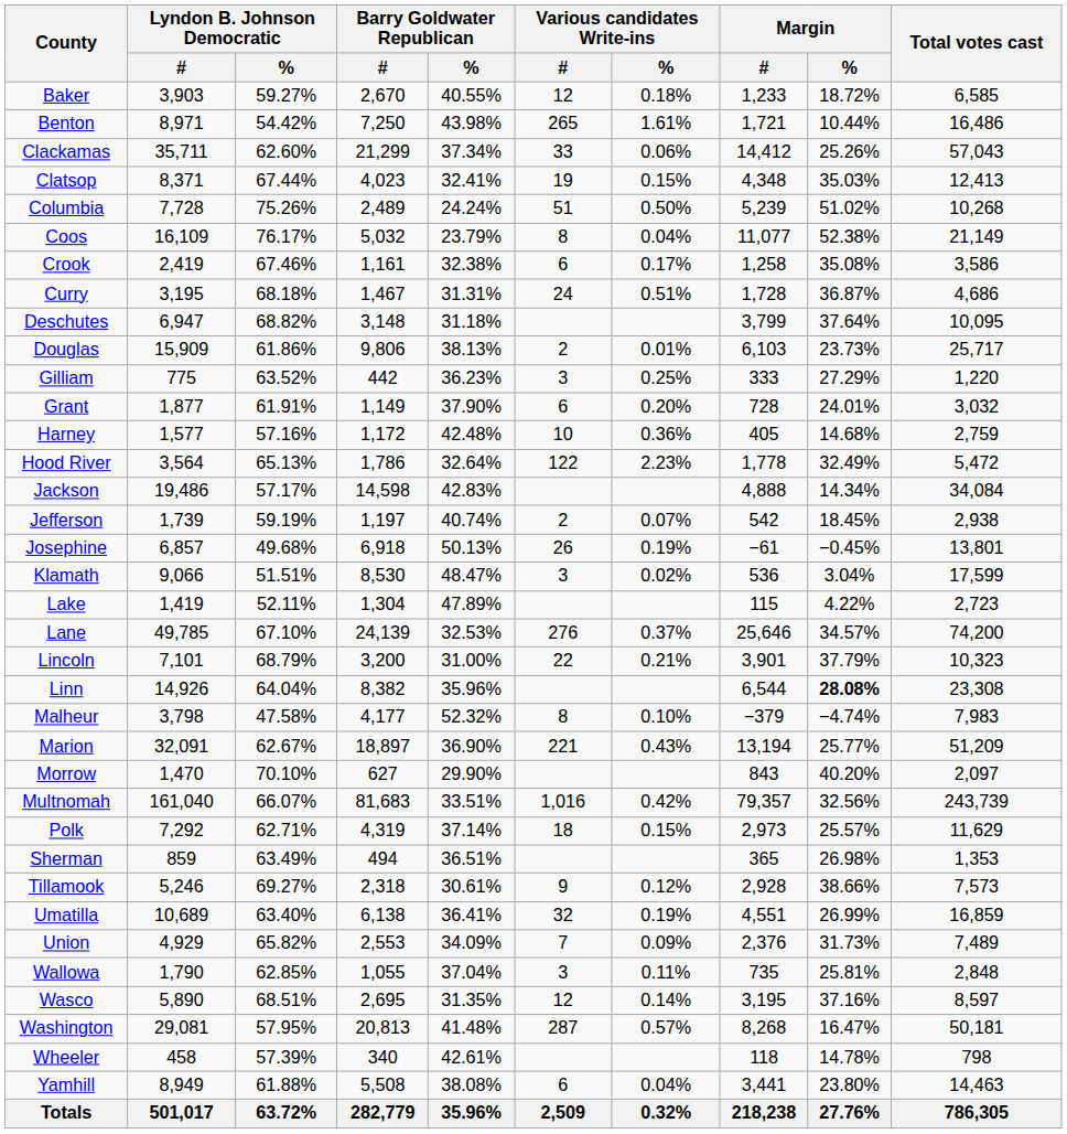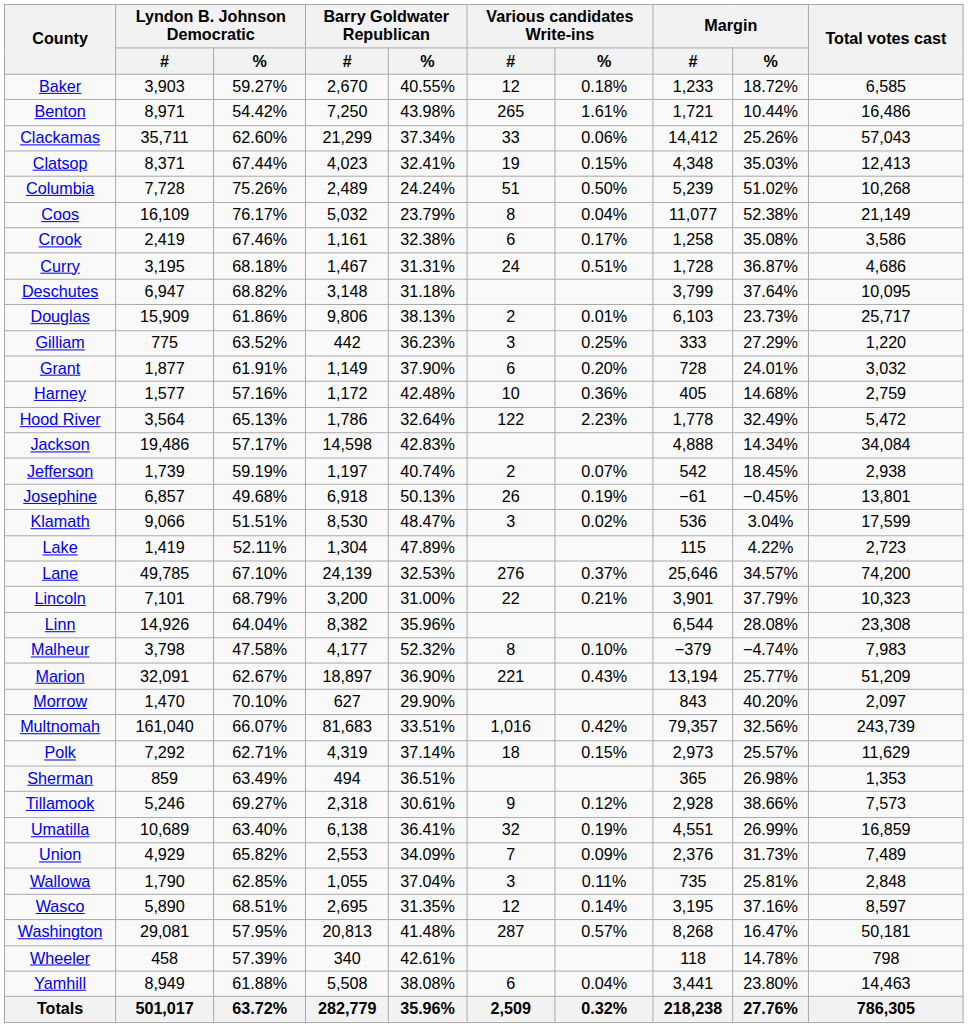 <table width="60%" class="wikitable sortable" style="text-align:center">
 <tr>
 <th style="text-align:center;" rowspan="2">County</th>
 <th style="text-align:center;" colspan="2">Lyndon B. Johnson<br>Democratic</th>
 <th style="text-align:center;" colspan="2">Barry Goldwater<br>Republican</th>
 <th style="text-align:center;" colspan="2">Various candidates<br>Write-ins</th>
 <th style="text-align:center;" colspan="2">Margin</th>
 <th style="text-align:center;" rowspan="2">Total votes cast</th>
 </tr>
 <tr>
 <th style="text-align:center;" data-sort-type="number">#</th>
 <th style="text-align:center;" data-sort-type="number">%</th>
 <th style="text-align:center;" data-sort-type="number">#</th>
 <th style="text-align:center;" data-sort-type="number">%</th>
 <th style="text-align:center;" data-sort-type="number">#</th>
 <th style="text-align:center;" data-sort-type="number">%</th>
 <th style="text-align:center;" data-sort-type="number">#</th>
 <th style="text-align:center;" data-sort-type="number">%</th>
 </tr>
 <tr style="text-align:center;">
 <td><a href='#'>Baker</a></td>
 <td>3,903</td>
 <td>59.27%</td>
 <td>2,670</td>
 <td>40.55%</td>
 <td>12</td>
 <td>0.18%</td>
 <td>1,233</td>
 <td>18.72%</td>
 <td>6,585</td>
 </tr>
 <tr style="text-align:center;">
 <td><a href='#'>Benton</a></td>
 <td>8,971</td>
 <td>54.42%</td>
 <td>7,250</td>
 <td>43.98%</td>
 <td>265</td>
 <td>1.61%</td>
 <td>1,721</td>
 <td>10.44%</td>
 <td>16,486</td>
 </tr>
 <tr style="text-align:center;">
 <td><a href='#'>Clackamas</a></td>
 <td>35,711</td>
 <td>62.60%</td>
 <td>21,299</td>
 <td>37.34%</td>
 <td>33</td>
 <td>0.06%</td>
 <td>14,412</td>
 <td>25.26%</td>
 <td>57,043</td>
 </tr>
 <tr style="text-align:center;">
 <td><a href='#'>Clatsop</a></td>
 <td>8,371</td>
 <td>67.44%</td>
 <td>4,023</td>
 <td>32.41%</td>
 <td>19</td>
 <td>0.15%</td>
 <td>4,348</td>
 <td>35.03%</td>
 <td>12,413</td>
 </tr>
 <tr style="text-align:center;">
 <td><a href='#'>Columbia</a></td>
 <td>7,728</td>
 <td>75.26%</td>
 <td>2,489</td>
 <td>24.24%</td>
 <td>51</td>
 <td>0.50%</td>
 <td>5,239</td>
 <td>51.02%</td>
 <td>10,268</td>
 </tr>
 <tr style="text-align:center;">
 <td><a href='#'>Coos</a></td>
 <td>16,109</td>
 <td>76.17%</td>
 <td>5,032</td>
 <td>23.79%</td>
 <td>8</td>
 <td>0.04%</td>
 <td>11,077</td>
 <td>52.38%</td>
 <td>21,149</td>
 </tr>
 <tr style="text-align:center;">
 <td><a href='#'>Crook</a></td>
 <td>2,419</td>
 <td>67.46%</td>
 <td>1,161</td>
 <td>32.38%</td>
 <td>6</td>
 <td>0.17%</td>
 <td>1,258</td>
 <td>35.08%</td>
 <td>3,586</td>
 </tr>
 <tr style="text-align:center;">
 <td><a href='#'>Curry</a></td>
 <td>3,195</td>
 <td>68.18%</td>
 <td>1,467</td>
 <td>31.31%</td>
 <td>24</td>
 <td>0.51%</td>
 <td>1,728</td>
 <td>36.87%</td>
 <td>4,686</td>
 </tr>
 <tr style="text-align:center;">
 <td><a href='#'>Deschutes</a></td>
 <td>6,947</td>
 <td>68.82%</td>
 <td>3,148</td>
 <td>31.18%</td>
 <td></td>
 <td></td>
 <td>3,799</td>
 <td>37.64%</td>
 <td>10,095</td>
 </tr>
 <tr style="text-align:center;">
 <td><a href='#'>Douglas</a></td>
 <td>15,909</td>
 <td>61.86%</td>
 <td>9,806</td>
 <td>38.13%</td>
 <td>2</td>
 <td>0.01%</td>
 <td>6,103</td>
 <td>23.73%</td>
 <td>25,717</td>
 </tr>
 <tr style="text-align:center;">
 <td><a href='#'>Gilliam</a></td>
 <td>775</td>
 <td>63.52%</td>
 <td>442</td>
 <td>36.23%</td>
 <td>3</td>
 <td>0.25%</td>
 <td>333</td>
 <td>27.29%</td>
 <td>1,220</td>
 </tr>
 <tr style="text-align:center;">
 <td><a href='#'>Grant</a></td>
 <td>1,877</td>
 <td>61.91%</td>
 <td>1,149</td>
 <td>37.90%</td>
 <td>6</td>
 <td>0.20%</td>
 <td>728</td>
 <td>24.01%</td>
 <td>3,032</td>
 </tr>
 <tr style="text-align:center;">
 <td><a href='#'>Harney</a></td>
 <td>1,577</td>
 <td>57.16%</td>
 <td>1,172</td>
 <td>42.48%</td>
 <td>10</td>
 <td>0.36%</td>
 <td>405</td>
 <td>14.68%</td>
 <td>2,759</td>
 </tr>
 <tr style="text-align:center;">
 <td><a href='#'>Hood River</a></td>
 <td>3,564</td>
 <td>65.13%</td>
 <td>1,786</td>
 <td>32.64%</td>
 <td>122</td>
 <td>2.23%</td>
 <td>1,778</td>
 <td>32.49%</td>
 <td>5,472</td>
 </tr>
 <tr style="text-align:center;">
 <td><a href='#'>Jackson</a></td>
 <td>19,486</td>
 <td>57.17%</td>
 <td>14,598</td>
 <td>42.83%</td>
 <td></td>
 <td></td>
 <td>4,888</td>
 <td>14.34%</td>
 <td>34,084</td>
 </tr>
 <tr style="text-align:center;">
 <td><a href='#'>Jefferson</a></td>
 <td>1,739</td>
 <td>59.19%</td>
 <td>1,197</td>
 <td>40.74%</td>
 <td>2</td>
 <td>0.07%</td>
 <td>542</td>
 <td>18.45%</td>
 <td>2,938</td>
 </tr>
 <tr style="text-align:center;">
 <td><a href='#'>Josephine</a></td>
 <td>6,857</td>
 <td>49.68%</td>
 <td>6,918</td>
 <td>50.13%</td>
 <td>26</td>
 <td>0.19%</td>
 <td>−61</td>
 <td>−0.45%</td>
 <td>13,801</td>
 </tr>
 <tr style="text-align:center;">
 <td><a href='#'>Klamath</a></td>
 <td>9,066</td>
 <td>51.51%</td>
 <td>8,530</td>
 <td>48.47%</td>
 <td>3</td>
 <td>0.02%</td>
 <td>536</td>
 <td>3.04%</td>
 <td>17,599</td>
 </tr>
 <tr style="text-align:center;">
 <td><a href='#'>Lake</a></td>
 <td>1,419</td>
 <td>52.11%</td>
 <td>1,304</td>
 <td>47.89%</td>
 <td></td>
 <td></td>
 <td>115</td>
 <td>4.22%</td>
 <td>2,723</td>
 </tr>
 <tr style="text-align:center;">
 <td><a href='#'>Lane</a></td>
 <td>49,785</td>
 <td>67.10%</td>
 <td>24,139</td>
 <td>32.53%</td>
 <td>276</td>
 <td>0.37%</td>
 <td>25,646</td>
 <td>34.57%</td>
 <td>74,200</td>
 </tr>
 <tr style="text-align:center;">
 <td><a href='#'>Lincoln</a></td>
 <td>7,101</td>
 <td>68.79%</td>
 <td>3,200</td>
 <td>31.00%</td>
 <td>22</td>
 <td>0.21%</td>
 <td>3,901</td>
 <td>37.79%</td>
 <td>10,323</td>
 </tr>
 <tr style="text-align:center;">
 <td><a href='#'>Linn</a></td>
 <td>14,926</td>
 <td>64.04%</td>
 <td>8,382</td>
 <td>35.96%</td>
 <td></td>
 <td></td>
 <td>6,544</td>
-<td><strong>28.08%</strong></td>
+<td>28.08%</td>
 <td>23,308</td>
 </tr>
 <tr style="text-align:center;">
 <td><a href='#'>Malheur</a></td>
 <td>3,798</td>
 <td>47.58%</td>
 <td>4,177</td>
 <td>52.32%</td>
 <td>8</td>
 <td>0.10%</td>
 <td>−379</td>
 <td>−4.74%</td>
 <td>7,983</td>
 </tr>
 <tr style="text-align:center;">
 <td><a href='#'>Marion</a></td>
 <td>32,091</td>
 <td>62.67%</td>
 <td>18,897</td>
 <td>36.90%</td>
 <td>221</td>
 <td>0.43%</td>
 <td>13,194</td>
 <td>25.77%</td>
 <td>51,209</td>
 </tr>
 <tr style="text-align:center;">
 <td><a href='#'>Morrow</a></td>
 <td>1,470</td>
 <td>70.10%</td>
 <td>627</td>
 <td>29.90%</td>
 <td></td>
 <td></td>
 <td>843</td>
 <td>40.20%</td>
 <td>2,097</td>
 </tr>
 <tr style="text-align:center;">
 <td><a href='#'>Multnomah</a></td>
 <td>161,040</td>
 <td>66.07%</td>
 <td>81,683</td>
 <td>33.51%</td>
 <td>1,016</td>
 <td>0.42%</td>
 <td>79,357</td>
 <td>32.56%</td>
 <td>243,739</td>
 </tr>
 <tr style="text-align:center;">
 <td><a href='#'>Polk</a></td>
 <td>7,292</td>
 <td>62.71%</td>
 <td>4,319</td>
 <td>37.14%</td>
 <td>18</td>
 <td>0.15%</td>
 <td>2,973</td>
 <td>25.57%</td>
 <td>11,629</td>
 </tr>
 <tr style="text-align:center;">
 <td><a href='#'>Sherman</a></td>
 <td>859</td>
 <td>63.49%</td>
 <td>494</td>
 <td>36.51%</td>
 <td></td>
 <td></td>
 <td>365</td>
 <td>26.98%</td>
 <td>1,353</td>
 </tr>
 <tr style="text-align:center;">
 <td><a href='#'>Tillamook</a></td>
 <td>5,246</td>
 <td>69.27%</td>
 <td>2,318</td>
 <td>30.61%</td>
 <td>9</td>
 <td>0.12%</td>
 <td>2,928</td>
 <td>38.66%</td>
 <td>7,573</td>
 </tr>
 <tr style="text-align:center;">
 <td><a href='#'>Umatilla</a></td>
 <td>10,689</td>
 <td>63.40%</td>
 <td>6,138</td>
 <td>36.41%</td>
 <td>32</td>
 <td>0.19%</td>
 <td>4,551</td>
 <td>26.99%</td>
 <td>16,859</td>
 </tr>
 <tr style="text-align:center;">
 <td><a href='#'>Union</a></td>
 <td>4,929</td>
 <td>65.82%</td>
 <td>2,553</td>
 <td>34.09%</td>
 <td>7</td>
 <td>0.09%</td>
 <td>2,376</td>
 <td>31.73%</td>
 <td>7,489</td>
 </tr>
 <tr style="text-align:center;">
 <td><a href='#'>Wallowa</a></td>
 <td>1,790</td>
 <td>62.85%</td>
 <td>1,055</td>
 <td>37.04%</td>
 <td>3</td>
 <td>0.11%</td>
 <td>735</td>
 <td>25.81%</td>
 <td>2,848</td>
 </tr>
 <tr style="text-align:center;">
 <td><a href='#'>Wasco</a></td>
 <td>5,890</td>
 <td>68.51%</td>
 <td>2,695</td>
 <td>31.35%</td>
 <td>12</td>
 <td>0.14%</td>
 <td>3,195</td>
 <td>37.16%</td>
 <td>8,597</td>
 </tr>
 <tr style="text-align:center;">
 <td><a href='#'>Washington</a></td>
 <td>29,081</td>
 <td>57.95%</td>
 <td>20,813</td>
 <td>41.48%</td>
 <td>287</td>
 <td>0.57%</td>
 <td>8,268</td>
 <td>16.47%</td>
 <td>50,181</td>
 </tr>
 <tr style="text-align:center;">
 <td><a href='#'>Wheeler</a></td>
 <td>458</td>
 <td>57.39%</td>
 <td>340</td>
 <td>42.61%</td>
 <td></td>
 <td></td>
 <td>118</td>
 <td>14.78%</td>
 <td>798</td>
 </tr>
 <tr style="text-align:center;">
 <td><a href='#'>Yamhill</a></td>
 <td>8,949</td>
 <td>61.88%</td>
 <td>5,508</td>
 <td>38.08%</td>
 <td>6</td>
 <td>0.04%</td>
 <td>3,441</td>
 <td>23.80%</td>
 <td>14,463</td>
 </tr>
 <tr style="text-align:center;">
 <th>Totals</th>
 <th>501,017</th>
 <th>63.72%</th>
 <th>282,779</th>
 <th>35.96%</th>
 <th>2,509</th>
 <th>0.32%</th>
 <th>218,238</th>
 <th>27.76%</th>
 <th>786,305</th>
 </tr>
 </table>
